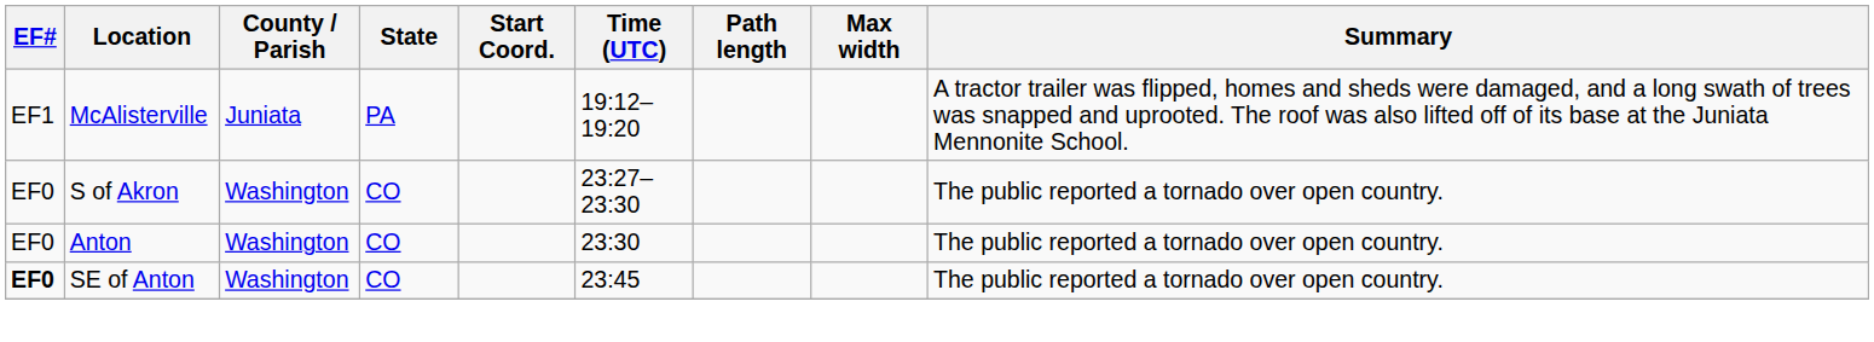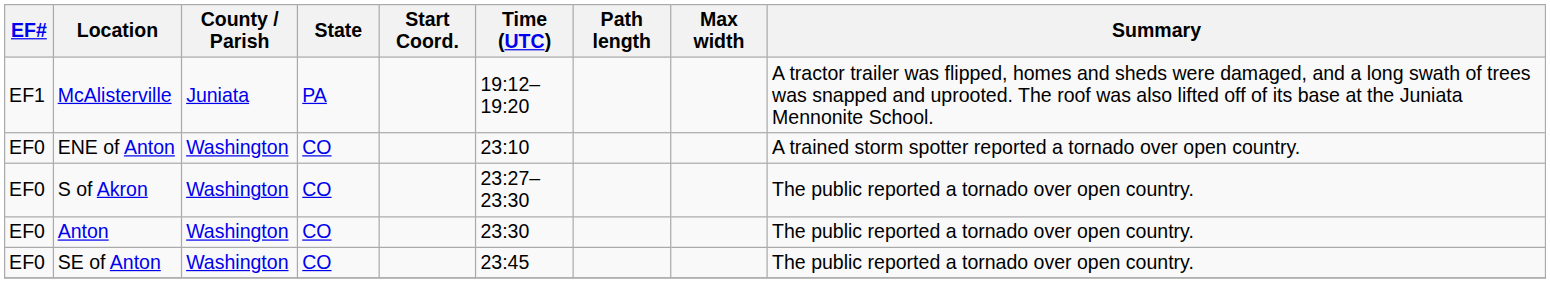 <table class="wikitable sortable" style="width:100%;">
 <tr>
 <th scope="col"  style="width:3%; text-align:center;"><a href='#'>EF#</a></th>
 <th scope="col"  style="width:7%; text-align:center;" class="unsortable">Location</th>
 <th scope="col"  style="width:6%; text-align:center;" class="unsortable">County / Parish</th>
 <th scope="col"  style="width:5%; text-align:center;">State</th>
 <th scope="col"  style="width:6%; text-align:center;">Start Coord.</th>
 <th scope="col"  style="width:6%; text-align:center;">Time (<a href='#'>UTC</a>)</th>
 <th scope="col"  style="width:6%; text-align:center;">Path length</th>
 <th scope="col"  style="width:6%; text-align:center;">Max width</th>
 <th scope="col" class="unsortable" style="width:48%; text-align:center;">Summary</th>
 </tr>
 <tr>
 <td>EF1</td>
 <td><a href='#'>McAlisterville</a></td>
 <td><a href='#'>Juniata</a></td>
 <td><a href='#'>PA</a></td>
 <td></td>
 <td>19:12–19:20</td>
 <td></td>
 <td></td>
 <td>A tractor trailer was flipped, homes and sheds were damaged, and a long swath of trees was snapped and uprooted. The roof was also lifted off of its base at the Juniata Mennonite School.</td>
 </tr>
 <tr>
 <td>EF0</td>
+<td>ENE of <a href='#'>Anton</a></td>
+<td><a href='#'>Washington</a></td>
+<td><a href='#'>CO</a></td>
+<td></td>
+<td>23:10</td>
+<td></td>
+<td></td>
+<td>A trained storm spotter reported a tornado over open country.</td>
+</tr>
+<tr>
+<td>EF0</td>
 <td>S of <a href='#'>Akron</a></td>
 <td><a href='#'>Washington</a></td>
 <td><a href='#'>CO</a></td>
 <td></td>
 <td>23:27–23:30</td>
 <td></td>
 <td></td>
 <td>The public reported a tornado over open country.</td>
 </tr>
 <tr>
 <td>EF0</td>
 <td><a href='#'>Anton</a></td>
 <td><a href='#'>Washington</a></td>
 <td><a href='#'>CO</a></td>
 <td></td>
 <td>23:30</td>
 <td></td>
 <td></td>
 <td>The public reported a tornado over open country.</td>
 </tr>
 <tr>
-<td><strong>EF0</strong></td>
+<td>EF0</td>
 <td>SE of <a href='#'>Anton</a></td>
 <td><a href='#'>Washington</a></td>
 <td><a href='#'>CO</a></td>
 <td></td>
 <td>23:45</td>
 <td></td>
 <td></td>
 <td>The public reported a tornado over open country.</td>
 </tr>
 <tr>
 </tr>
 </table>
